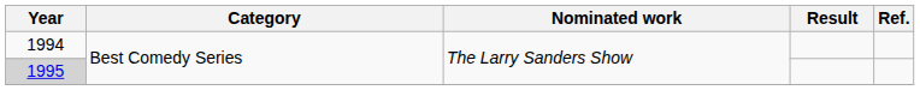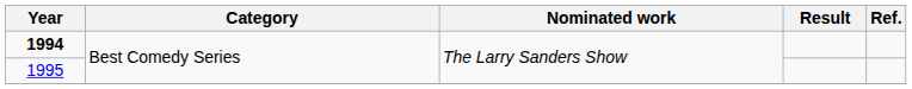 <table class=wikitable>
 <tr>
 <th scope="col" style="width:5em;">Year</th>
 <th scope="col" style="width:26em;">Category</th>
 <th scope="col" style="width:25em;">Nominated work</th>
 <th scope="col" style="width:5em;">Result</th>
 <th>Ref.</th>
 </tr>
 <tr>
-<td style="text-align:center;">1994</td>
+<td style="text-align:center;"><strong>1994</strong></td>
 <td rowspan=2>Best Comedy Series</td>
 <td rowspan=2><em>The Larry Sanders Show</em></td>
 <td></td>
 <td></td>
 </tr>
 <tr>
-<td style="background: lightgrey; text-align:center;"><a href='#'>1995</a></td>
+<td style="text-align:center;"><a href='#'>1995</a></td>
 <td></td>
 <td></td>
 </tr>
 <tr>
 </tr>
 </table>
